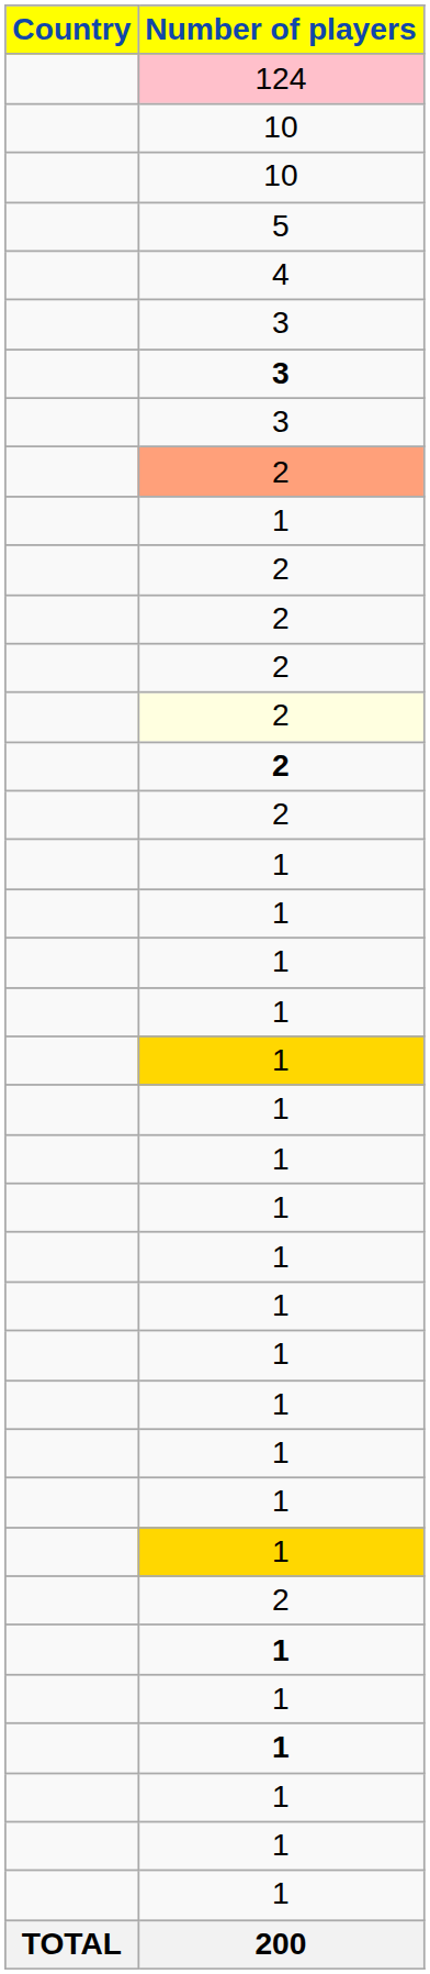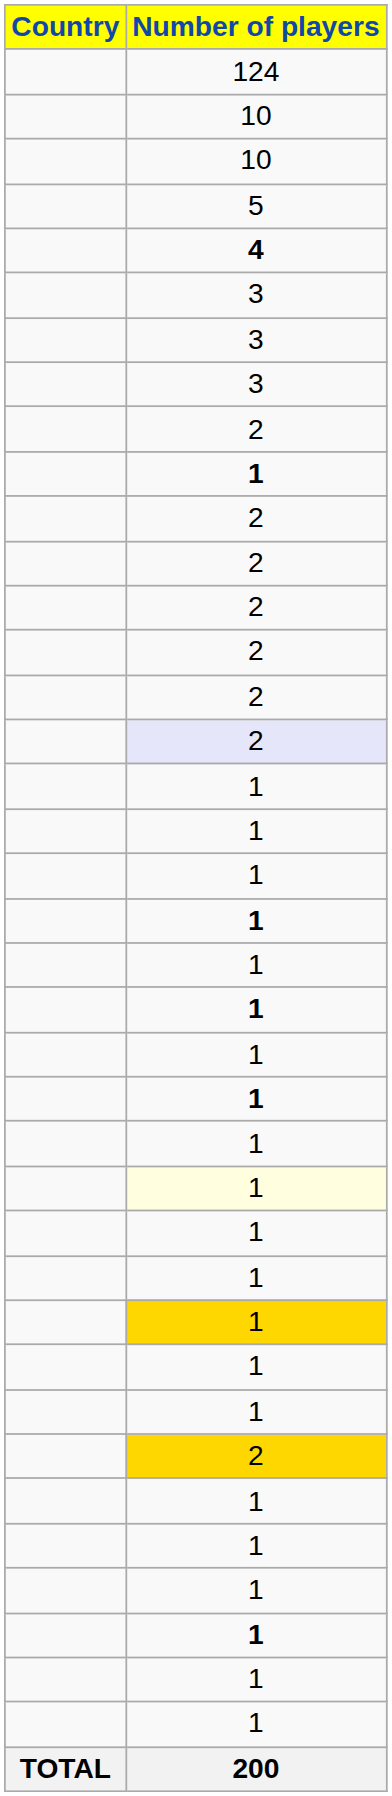 <table class="wikitable sortable">
 <tr>
 <th style="background-color:#FFFF00; color:#1047AB;" scope="col">Country</th>
 <th style="background-color:#FFFF00; color:#1047AB;" scope="col">Number of players</th>
 </tr>
 <tr>
 <td><strong></strong></td>
-<td align="center" style="background: pink;">124</td>
+<td align="center">124</td>
 </tr>
 <tr>
 <td></td>
 <td align="center">10</td>
 </tr>
 <tr>
 <td></td>
 <td align="center">10</td>
 </tr>
 <tr>
 <td></td>
 <td align="center">5</td>
 </tr>
 <tr>
 <td></td>
-<td align="center">4</td>
+<td align="center"><strong>4</strong></td>
 </tr>
 <tr>
 <td></td>
 <td align="center">3</td>
 </tr>
 <tr>
 <td></td>
-<td align="center"><strong>3</strong></td>
+<td align="center">3</td>
 </tr>
 <tr>
 <td></td>
 <td align="center">3</td>
 </tr>
 <tr>
 <td></td>
-<td align="center" style="background: lightsalmon;">2</td>
+<td align="center">2</td>
 </tr>
 <tr>
 <td></td>
-<td align="center">1</td>
+<td align="center"><strong>1</strong></td>
 </tr>
 <tr>
 <td></td>
 <td align="center">2</td>
 </tr>
 <tr>
 <td></td>
 <td align="center">2</td>
 </tr>
 <tr>
 <td></td>
 <td align="center">2</td>
 </tr>
 <tr>
 <td></td>
-<td align="center" style="background: lightyellow;">2</td>
-</tr>
-<tr>
-<td></td>
-<td align="center"><strong>2</strong></td>
+<td align="center">2</td>
 </tr>
 <tr>
 <td></td>
 <td align="center">2</td>
+</tr>
+<tr>
+<td></td>
+<td align="center" style="background: lavender;">2</td>
 </tr>
 <tr>
 <td></td>
 <td align="center">1</td>
 </tr>
 <tr>
 <td></td>
 <td align="center">1</td>
+</tr>
+<tr>
+<td></td>
+<td align="center">1</td>
+</tr>
+<tr>
+<td></td>
+<td align="center"><strong>1</strong></td>
+</tr>
+<tr>
+<td></td>
+<td align="center">1</td>
+</tr>
+<tr>
+<td></td>
+<td align="center"><strong>1</strong></td>
+</tr>
+<tr>
+<td></td>
+<td align="center">1</td>
+</tr>
+<tr>
+<td></td>
+<td align="center"><strong>1</strong></td>
+</tr>
+<tr>
+<td></td>
+<td align="center">1</td>
+</tr>
+<tr>
+<td></td>
+<td align="center" style="background: lightyellow;">1</td>
 </tr>
 <tr>
 <td></td>
 <td align="center">1</td>
 </tr>
 <tr>
 <td></td>
 <td align="center">1</td>
 </tr>
 <tr>
 <td></td>
 <td align="center" style="background: gold;">1</td>
 </tr>
 <tr>
 <td></td>
 <td align="center">1</td>
 </tr>
 <tr>
 <td></td>
 <td align="center">1</td>
 </tr>
 <tr>
 <td></td>
-<td align="center">1</td>
+<td align="center" style="background: gold;">2</td>
 </tr>
 <tr>
 <td></td>
 <td align="center">1</td>
 </tr>
 <tr>
 <td></td>
 <td align="center">1</td>
-</tr>
-<tr>
-<td></td>
-<td align="center">1</td>
-</tr>
-<tr>
-<td></td>
-<td align="center">1</td>
-</tr>
-<tr>
-<td></td>
-<td align="center">1</td>
-</tr>
-<tr>
-<td></td>
-<td align="center">1</td>
-</tr>
-<tr>
-<td></td>
-<td align="center" style="background: gold;">1</td>
-</tr>
-<tr>
-<td></td>
-<td align="center">2</td>
-</tr>
-<tr>
-<td></td>
-<td align="center"><strong>1</strong></td>
 </tr>
 <tr>
 <td></td>
 <td align="center">1</td>
 </tr>
 <tr>
 <td></td>
 <td align="center"><strong>1</strong></td>
 </tr>
 <tr>
 <td></td>
 <td align="center">1</td>
 </tr>
 <tr>
 <td></td>
 <td align="center">1</td>
 </tr>
 <tr>
-<td></td>
-<td align="center">1</td>
-</tr>
-<tr>
 <th>TOTAL</th>
 <th align="center">200</th>
 </tr>
 </table>
